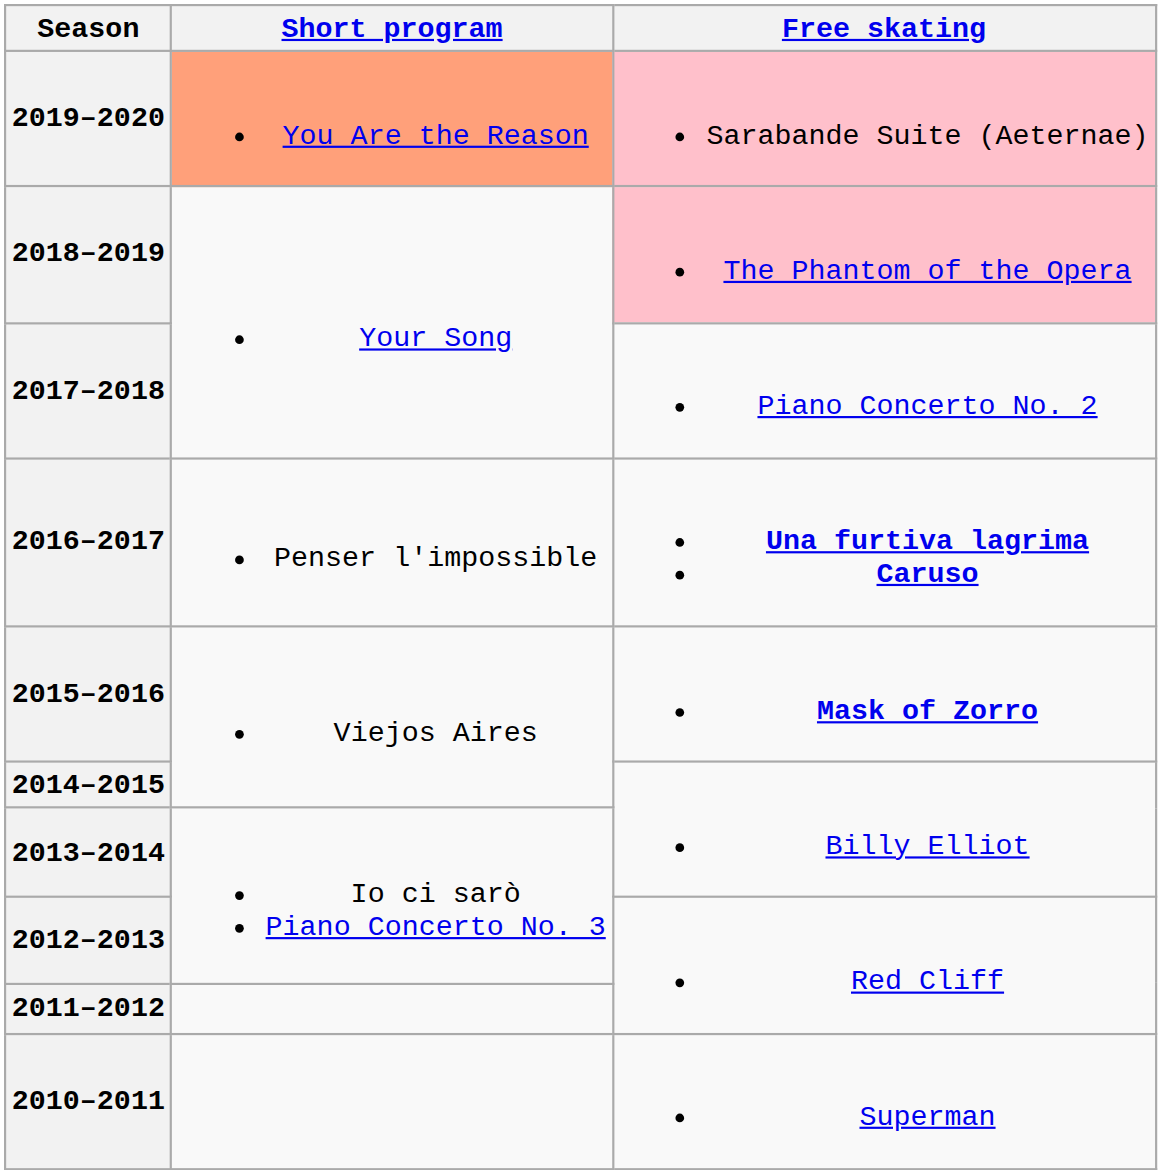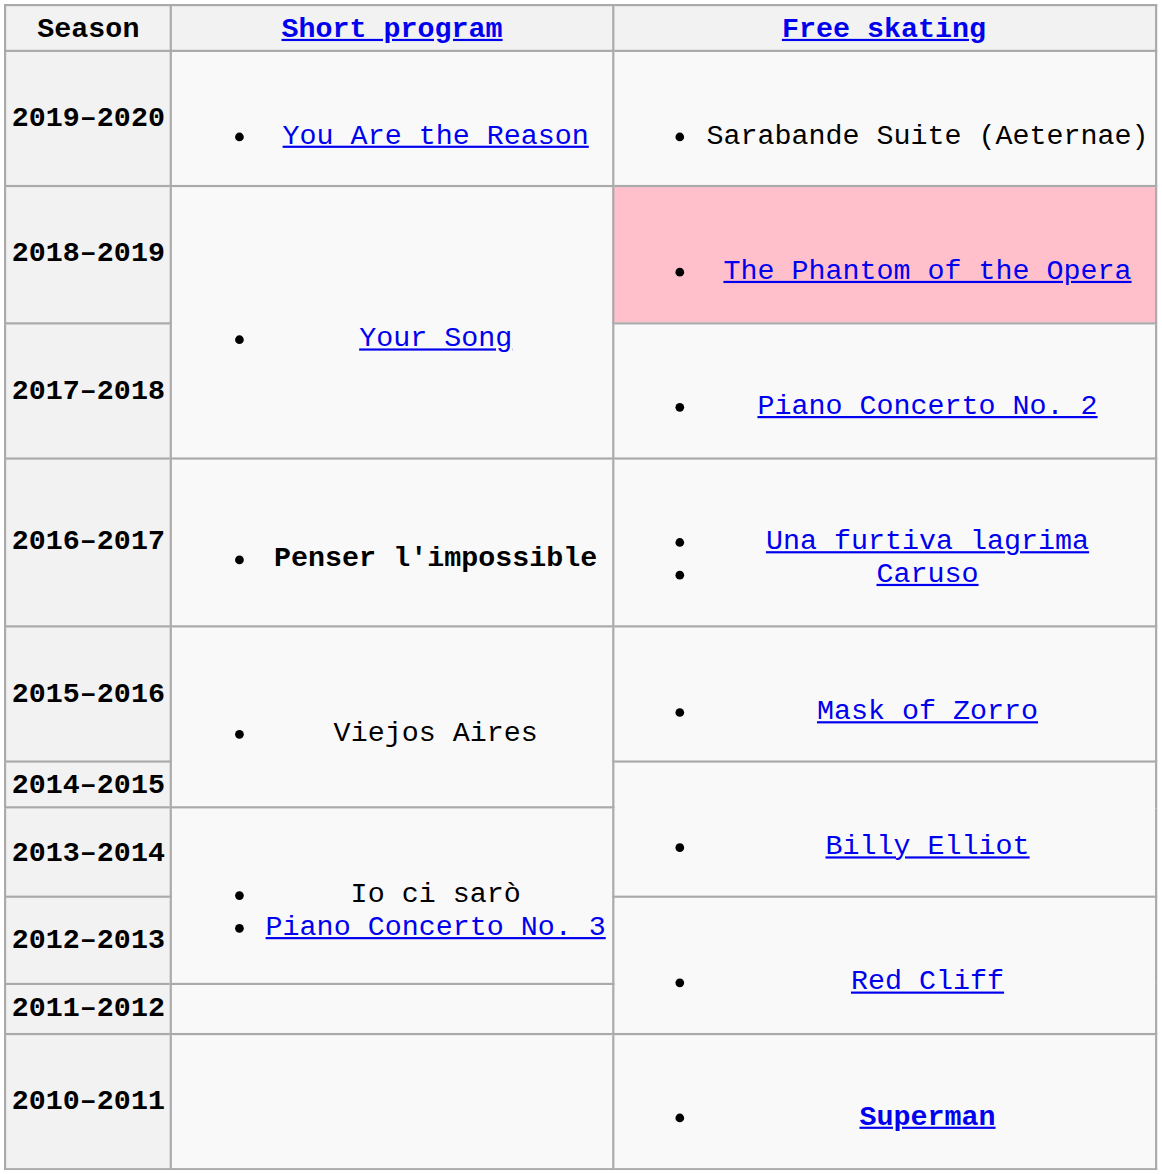 <table class="wikitable" style="text-align:center">
 <tr>
 <th>Season</th>
 <th><a href='#'>Short program</a></th>
 <th><a href='#'>Free skating</a></th>
 </tr>
 <tr>
 <th>2019–2020 <br></th>
-<td style="background: lightsalmon;"><br><ul><li><a href='#'>You Are the Reason</a> <br> </li></ul></td>
-<td style="background: pink;"><br><ul><li>Sarabande Suite (Aeternae) <br> </li></ul></td>
+<td><br><ul><li><a href='#'>You Are the Reason</a> <br> </li></ul></td>
+<td><br><ul><li>Sarabande Suite (Aeternae) <br> </li></ul></td>
 </tr>
 <tr>
 <th>2018–2019 <br></th>
 <td rowspan="2"><br><ul><li><a href='#'>Your Song</a> <br> </li></ul></td>
 <td style="background: pink;"><br><ul><li><a href='#'>The Phantom of the Opera</a> <br> </li></ul></td>
 </tr>
 <tr>
 <th>2017–2018 <br></th>
 <td><br><ul><li><a href='#'>Piano Concerto No. 2</a> <br> </li></ul></td>
 </tr>
 <tr>
 <th>2016–2017 <br></th>
-<td><br><ul><li>Penser l'impossible <br> </li></ul></td>
-<td><strong><br><ul><li><a href='#'>Una furtiva lagrima</a> <br> </li><li><a href='#'>Caruso</a> <br> </li></ul></strong></td>
+<td><strong><br><ul><li>Penser l'impossible <br> </li></ul></strong></td>
+<td><br><ul><li><a href='#'>Una furtiva lagrima</a> <br> </li><li><a href='#'>Caruso</a> <br> </li></ul></td>
 </tr>
 <tr>
 <th>2015–2016</th>
 <td rowspan="2"><br><ul><li>Viejos Aires <br> </li></ul></td>
-<td><strong><br><ul><li><a href='#'>Mask of Zorro</a> <br> </li></ul></strong></td>
+<td><br><ul><li><a href='#'>Mask of Zorro</a> <br> </li></ul></td>
 </tr>
 <tr>
 <th>2014–2015</th>
 <td rowspan="2"><br><ul><li><a href='#'>Billy Elliot</a> <br> </li></ul></td>
 </tr>
 <tr>
 <th>2013–2014</th>
 <td rowspan="2"><br><ul><li>Io ci sarò <br> </li><li><a href='#'>Piano Concerto No. 3</a> <br> </li></ul></td>
 </tr>
 <tr>
 <th>2012–2013</th>
 <td rowspan="2"><br><ul><li><a href='#'>Red Cliff</a> <br> </li></ul></td>
 </tr>
 <tr>
 <th>2011–2012</th>
 <td></td>
 </tr>
 <tr>
 <th>2010–2011</th>
 <td></td>
-<td><br><ul><li><a href='#'>Superman</a><br> </li></ul></td>
+<td><strong><br><ul><li><a href='#'>Superman</a><br> </li></ul></strong></td>
 </tr>
 </table>
